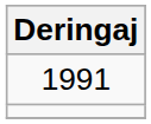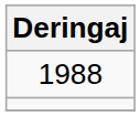 <table class="wikitable" style="margin: 0.5em auto; text-align: center;">
 <tr>
 <th colspan="1">Deringaj</th>
 </tr>
 <tr>
-<td>1991</td>
+<td>1988</td>
 </tr>
 <tr>
 <td></td>
 </tr>
 <tr>
 </tr>
 </table>
